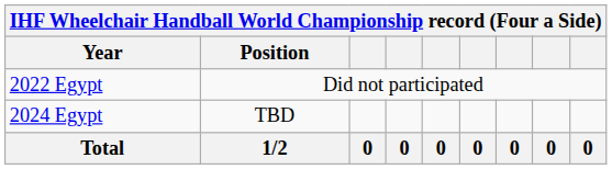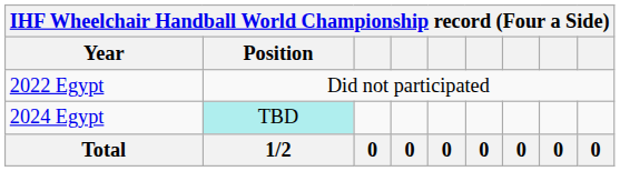 <table class="wikitable" style="text-align: center;">
 <tr>
 <th colspan=10><a href='#'>IHF Wheelchair Handball World Championship</a> record (Four a Side)</th>
 </tr>
 <tr>
 <th>Year</th>
 <th>Position</th>
 <th></th>
 <th></th>
 <th></th>
 <th></th>
 <th></th>
 <th></th>
 <th></th>
 </tr>
 <tr>
 <td align=left> <a href='#'>2022 Egypt</a></td>
 <td colspan="8">Did not participated</td>
 </tr>
 <tr>
 <td align=left> <a href='#'>2024 Egypt</a></td>
-<td>TBD</td>
+<td style="background: paleturquoise;">TBD</td>
 <td></td>
 <td></td>
 <td></td>
 <td></td>
 <td></td>
 <td></td>
 <td></td>
 </tr>
 <tr>
 <th>Total</th>
 <th>1/2</th>
 <th>0</th>
 <th>0</th>
 <th>0</th>
 <th>0</th>
 <th>0</th>
 <th>0</th>
 <th>0</th>
 </tr>
 </table>
